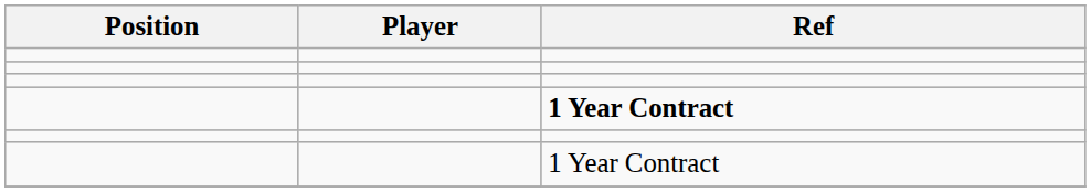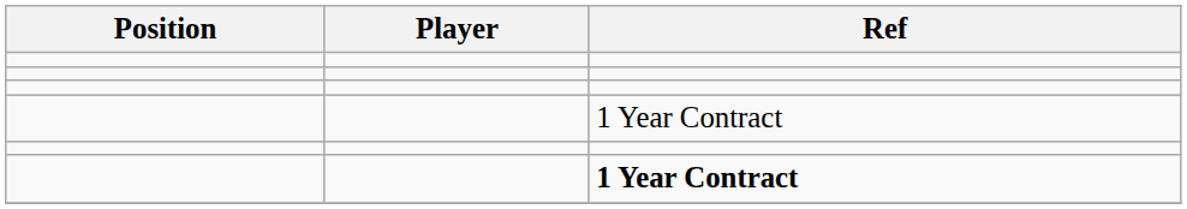 <table class="wikitable sortable" style="width:50%; text-align:center; font-size:100%; text-align:left;">
 <tr>
 <th><strong>Position</strong></th>
 <th><strong>Player</strong></th>
 <th><strong>Ref</strong></th>
 </tr>
 <tr>
 <td></td>
 <td></td>
 <td></td>
 </tr>
 <tr>
 <td></td>
 <td></td>
 <td></td>
 </tr>
 <tr>
 <td></td>
 <td></td>
 <td></td>
 </tr>
 <tr>
 <td></td>
 <td></td>
-<td><strong>1 Year Contract </strong></td>
+<td>1 Year Contract </td>
 </tr>
 <tr>
 <td></td>
 <td></td>
 <td></td>
 </tr>
 <tr>
 <td></td>
 <td></td>
-<td>1 Year Contract </td>
+<td><strong>1 Year Contract </strong></td>
 </tr>
 <tr>
 </tr>
 </table>
